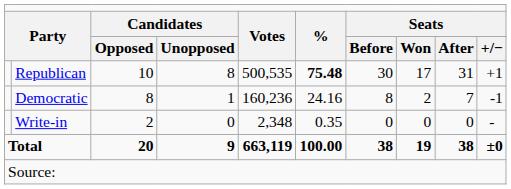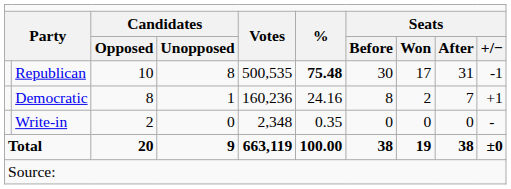 <table class="wikitable">
 <tr>
 <td colspan="12" style="text-align:center;"></td>
 </tr>
 <tr>
 <th colspan="2" rowspan="2">Party</th>
 <th colspan="2">Candidates</th>
 <th rowspan="2">Votes</th>
 <th rowspan="2">%</th>
 <th colspan="4">Seats</th>
 </tr>
 <tr>
 <th>Opposed</th>
 <th>Unopposed</th>
 <th>Before</th>
 <th>Won</th>
 <th>After</th>
 <th>+/−</th>
 </tr>
 <tr>
 <td style="background-color:"></td>
 <td><a href='#'>Republican</a></td>
 <td style="text-align:right;">10</td>
 <td style="text-align:right;">8</td>
 <td style="text-align:right;">500,535</td>
 <td style="text-align:right;"><strong>75.48</strong></td>
 <td style="text-align:right;">30</td>
 <td style="text-align:right;">17</td>
 <td style="text-align:right;">31</td>
-<td style="text-align:right;">+1</td>
+<td style="text-align:right;">-1</td>
 </tr>
 <tr>
 <td style="background-color:"></td>
 <td><a href='#'>Democratic</a></td>
 <td style="text-align:right;">8</td>
 <td style="text-align:right;">1</td>
 <td style="text-align:right;">160,236</td>
 <td style="text-align:right;">24.16</td>
 <td style="text-align:right;">8</td>
 <td style="text-align:right;">2</td>
 <td style="text-align:right;">7</td>
-<td style="text-align:right;">-1</td>
+<td style="text-align:right;">+1</td>
 </tr>
 <tr>
 <td style="background-color:"></td>
 <td><a href='#'>Write-in</a></td>
 <td style="text-align:right;">2</td>
 <td style="text-align:right;">0</td>
 <td style="text-align:right;">2,348</td>
 <td style="text-align:right;">0.35</td>
 <td style="text-align:right;">0</td>
 <td style="text-align:right;">0</td>
 <td style="text-align:right;">0</td>
 <td style="text-align:center;">-</td>
 </tr>
 <tr>
 <td colspan="2"><strong>Total</strong></td>
 <td style="text-align:right;"><strong>20</strong></td>
 <td style="text-align:right;"><strong>9</strong></td>
 <td style="text-align:right;"><strong>663,119</strong></td>
 <td style="text-align:right;"><strong>100.00</strong></td>
 <td style="text-align:right;"><strong>38</strong></td>
 <td style="text-align:right;"><strong>19</strong></td>
 <td style="text-align:right;"><strong>38</strong></td>
 <td style="text-align:right;"><strong>±0</strong></td>
 </tr>
 <tr>
 <td colspan="10">Source: <em></em></td>
 </tr>
 </table>
